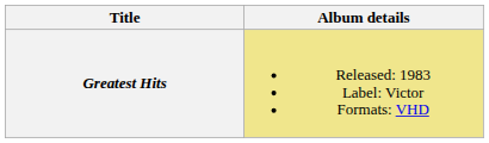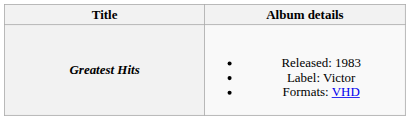 <table class="wikitable plainrowheaders" style="text-align:center;">
 <tr>
 <th scope="col" style="width:15em;">Title</th>
 <th scope="col" style="width:15em;">Album details</th>
 </tr>
 <tr>
 <th scope="row"><em>Greatest Hits</em></th>
-<td style="background: khaki;"><br><ul><li>Released: 1983</li><li>Label: Victor</li><li>Formats: <a href='#'>VHD</a></li></ul></td>
+<td><br><ul><li>Released: 1983</li><li>Label: Victor</li><li>Formats: <a href='#'>VHD</a></li></ul></td>
 </tr>
 </table>
